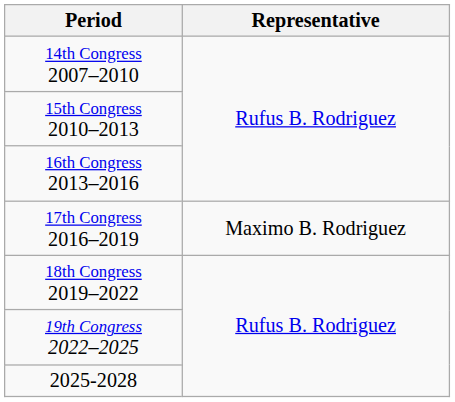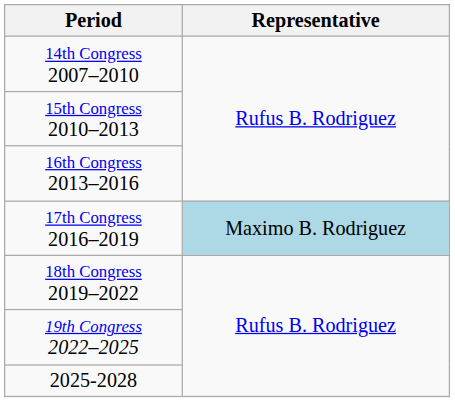 <table class="wikitable" style="text-align:center; width:40%;">
 <tr>
 <th width="40%">Period</th>
 <th>Representative</th>
 </tr>
 <tr>
 <td><small><a href='#'>14th Congress</a></small><br>2007–2010</td>
 <td rowspan="3"><a href='#'>Rufus B. Rodriguez</a></td>
 </tr>
 <tr>
 <td><small><a href='#'>15th Congress</a></small><br>2010–2013</td>
 </tr>
 <tr>
 <td><small><a href='#'>16th Congress</a></small><br>2013–2016</td>
 </tr>
 <tr>
 <td><small><a href='#'>17th Congress</a></small><br>2016–2019</td>
-<td>Maximo B. Rodriguez</td>
+<td style="background: lightblue;">Maximo B. Rodriguez</td>
 </tr>
 <tr>
 <td><small><a href='#'>18th Congress</a></small><br>2019–2022</td>
 <td rowspan="3"><a href='#'>Rufus B. Rodriguez</a></td>
 </tr>
 <tr>
 <td><em><small><a href='#'>19th Congress</a></small><br>2022–2025</em></td>
 </tr>
 <tr>
 <td>2025-2028</td>
 </tr>
 </table>
